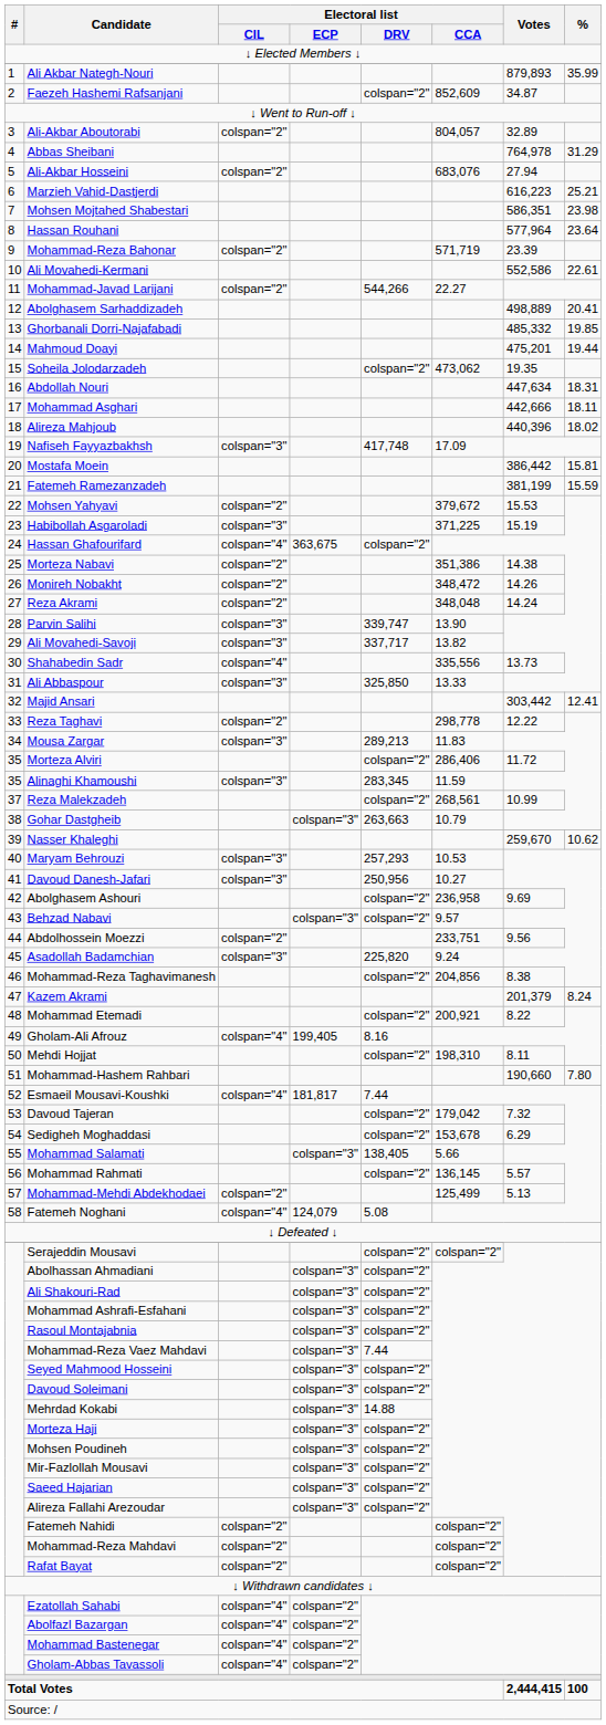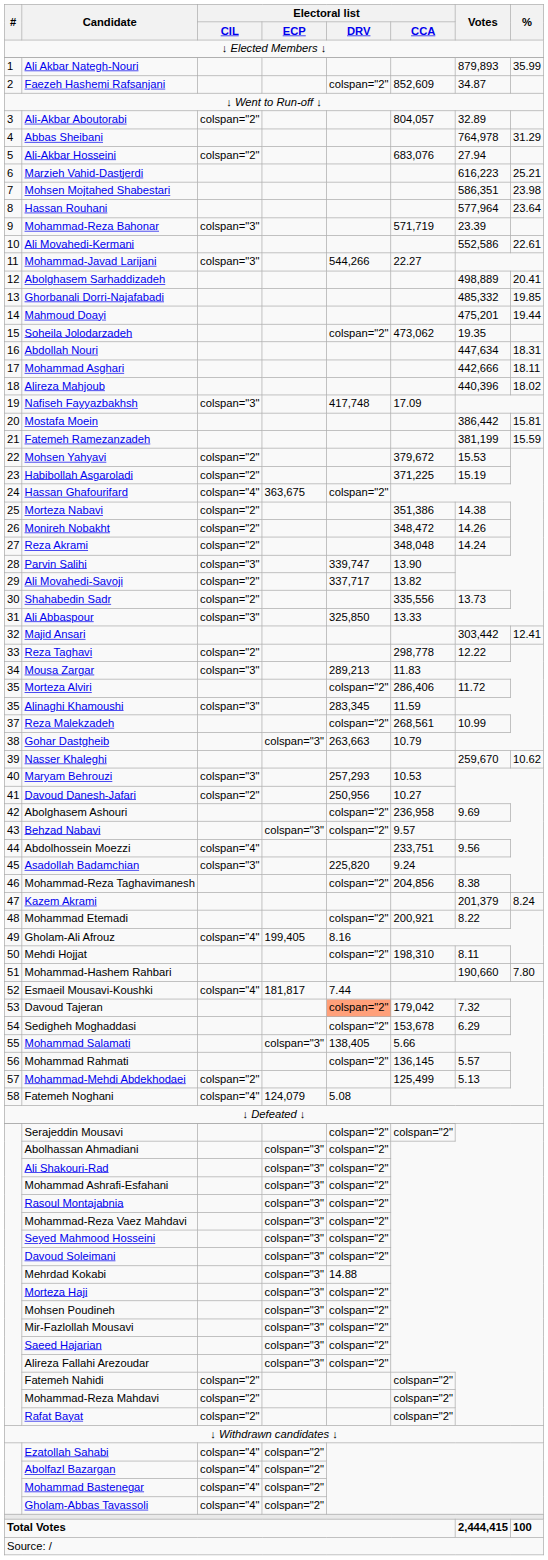 <table class=wikitable>
 <tr>
 <th rowspan="2">#</th>
 <th rowspan="2">Candidate</th>
 <th colspan="4">Electoral list</th>
 <th rowspan="2">Votes</th>
 <th rowspan="2">%</th>
 </tr>
 <tr>
 <th><a href='#'>CIL</a></th>
 <th><a href='#'>ECP</a></th>
 <th><a href='#'>DRV</a></th>
 <th><a href='#'>CCA</a></th>
 </tr>
 <tr>
 <td align=center colspan="16">↓ <em>Elected Members</em> ↓</td>
 </tr>
 <tr>
 </tr>
 <tr>
 <td>1</td>
 <td><a href='#'>Ali Akbar Nategh-Nouri</a></td>
 <td></td>
 <td style="text-align:center;"></td>
 <td style="text-align:center;"></td>
 <td style="text-align:center;"></td>
 <td>879,893</td>
 <td>35.99</td>
 </tr>
 <tr>
 <td>2</td>
 <td><a href='#'>Faezeh Hashemi Rafsanjani</a></td>
 <td></td>
 <td style="text-align:center;"></td>
 <td>colspan="2" </td>
 <td>852,609</td>
 <td>34.87</td>
 </tr>
 <tr>
 <td align=center colspan="16">↓ <em>Went to Run-off </em> ↓</td>
 </tr>
 <tr>
 <td>3</td>
 <td><a href='#'>Ali-Akbar Aboutorabi</a></td>
 <td>colspan="2" </td>
 <td style="text-align:center;"></td>
 <td style="text-align:center;"></td>
 <td>804,057</td>
 <td>32.89</td>
 </tr>
 <tr>
 <td>4</td>
 <td><a href='#'>Abbas Sheibani</a></td>
 <td></td>
 <td style="text-align:center;"></td>
 <td></td>
 <td style="text-align:center;"></td>
 <td>764,978</td>
 <td>31.29</td>
 </tr>
 <tr>
 <td>5</td>
 <td><a href='#'>Ali-Akbar Hosseini</a></td>
 <td>colspan="2" </td>
 <td style="text-align:center;"></td>
 <td style="text-align:center;"></td>
 <td>683,076</td>
 <td>27.94</td>
 </tr>
 <tr>
 <td>6</td>
 <td><a href='#'>Marzieh Vahid-Dastjerdi</a></td>
 <td></td>
 <td style="text-align:center;"></td>
 <td style="text-align:center;"></td>
 <td style="text-align:center;"></td>
 <td>616,223</td>
 <td>25.21</td>
 </tr>
 <tr>
 <td>7</td>
 <td><a href='#'>Mohsen Mojtahed Shabestari</a></td>
 <td></td>
 <td style="text-align:center;"></td>
 <td style="text-align:center;"></td>
 <td style="text-align:center;"></td>
 <td>586,351</td>
 <td>23.98</td>
 </tr>
 <tr>
 <td>8</td>
 <td><a href='#'>Hassan Rouhani</a></td>
 <td></td>
 <td style="text-align:center;"></td>
 <td style="text-align:center;"></td>
 <td style="text-align:center;"></td>
 <td>577,964</td>
 <td>23.64</td>
 </tr>
 <tr>
 <td>9</td>
 <td><a href='#'>Mohammad-Reza Bahonar</a></td>
-<td>colspan="2" </td>
+<td>colspan="3" </td>
 <td style="text-align:center;"></td>
 <td style="text-align:center;"></td>
 <td>571,719</td>
 <td>23.39</td>
 </tr>
 <tr>
 <td>10</td>
 <td><a href='#'>Ali Movahedi-Kermani</a></td>
 <td></td>
 <td style="text-align:center;"></td>
 <td style="text-align:center;"></td>
 <td style="text-align:center;"></td>
 <td>552,586</td>
 <td>22.61</td>
 </tr>
 <tr>
 <td>11</td>
 <td><a href='#'>Mohammad-Javad Larijani</a></td>
-<td>colspan="2" </td>
+<td>colspan="3" </td>
 <td style="text-align:center;"></td>
 <td>544,266</td>
 <td>22.27</td>
 </tr>
 <tr>
 <td>12</td>
 <td><a href='#'>Abolghasem Sarhaddizadeh</a></td>
 <td style="text-align:center;"></td>
 <td style="text-align:center;"></td>
 <td style="text-align:center;"></td>
 <td></td>
 <td>498,889</td>
 <td>20.41</td>
 </tr>
 <tr>
 <td>13</td>
 <td><a href='#'>Ghorbanali Dorri-Najafabadi</a></td>
 <td></td>
 <td style="text-align:center;"></td>
 <td style="text-align:center;"></td>
 <td style="text-align:center;"></td>
 <td>485,332</td>
 <td>19.85</td>
 </tr>
 <tr>
 <td>14</td>
 <td><a href='#'>Mahmoud Doayi</a></td>
 <td></td>
 <td style="text-align:center;"></td>
 <td></td>
 <td style="text-align:center;"></td>
 <td>475,201</td>
 <td>19.44</td>
 </tr>
 <tr>
 <td>15</td>
 <td><a href='#'>Soheila Jolodarzadeh</a></td>
 <td></td>
 <td style="text-align:center;"></td>
 <td>colspan="2" </td>
 <td>473,062</td>
 <td>19.35</td>
 </tr>
 <tr>
 <td>16</td>
 <td><a href='#'>Abdollah Nouri</a></td>
 <td style="text-align:center;"></td>
 <td style="text-align:center;"></td>
 <td style="text-align:center;"></td>
 <td></td>
 <td>447,634</td>
 <td>18.31</td>
 </tr>
 <tr>
 <td>17</td>
 <td><a href='#'>Mohammad Asghari</a></td>
 <td></td>
 <td style="text-align:center;"></td>
 <td></td>
 <td style="text-align:center;"></td>
 <td>442,666</td>
 <td>18.11</td>
 </tr>
 <tr>
 <td>18</td>
 <td><a href='#'>Alireza Mahjoub</a></td>
 <td></td>
 <td style="text-align:center;"></td>
 <td style="text-align:center;"></td>
 <td></td>
 <td>440,396</td>
 <td>18.02</td>
 </tr>
 <tr>
 <td>19</td>
 <td><a href='#'>Nafiseh Fayyazbakhsh</a></td>
 <td>colspan="3" </td>
 <td style="text-align:center;"></td>
 <td>417,748</td>
 <td>17.09</td>
 </tr>
 <tr>
 <td>20</td>
 <td><a href='#'>Mostafa Moein</a></td>
 <td style="text-align:center;"></td>
 <td style="text-align:center;"></td>
 <td style="text-align:center;"></td>
 <td></td>
 <td>386,442</td>
 <td>15.81</td>
 </tr>
 <tr>
 <td>21</td>
 <td><a href='#'>Fatemeh Ramezanzadeh</a></td>
 <td style="text-align:center;"></td>
 <td style="text-align:center;"></td>
 <td style="text-align:center;"></td>
 <td></td>
 <td>381,199</td>
 <td>15.59</td>
 </tr>
 <tr>
 <td>22</td>
 <td><a href='#'>Mohsen Yahyavi</a></td>
 <td>colspan="2" </td>
 <td style="text-align:center;"></td>
 <td style="text-align:center;"></td>
 <td>379,672</td>
 <td>15.53</td>
 </tr>
 <tr>
 <td>23</td>
 <td><a href='#'>Habibollah Asgaroladi</a></td>
-<td>colspan="3" </td>
+<td>colspan="2" </td>
 <td style="text-align:center;"></td>
 <td style="text-align:center;"></td>
 <td>371,225</td>
 <td>15.19</td>
 </tr>
 <tr>
 <td>24</td>
 <td><a href='#'>Hassan Ghafourifard</a></td>
 <td>colspan="4" </td>
 <td>363,675</td>
 <td>colspan="2" </td>
 </tr>
 <tr>
 <td>25</td>
 <td><a href='#'>Morteza Nabavi</a></td>
 <td>colspan="2" </td>
 <td style="text-align:center;"></td>
 <td style="text-align:center;"></td>
 <td>351,386</td>
 <td>14.38</td>
 </tr>
 <tr>
 <td>26</td>
 <td><a href='#'>Monireh Nobakht</a></td>
 <td>colspan="2" </td>
 <td style="text-align:center;"></td>
 <td style="text-align:center;"></td>
 <td>348,472</td>
 <td>14.26</td>
 </tr>
 <tr>
 <td>27</td>
 <td><a href='#'>Reza Akrami</a></td>
 <td>colspan="2" </td>
 <td style="text-align:center;"></td>
 <td style="text-align:center;"></td>
 <td>348,048</td>
 <td>14.24</td>
 </tr>
 <tr>
 <td>28</td>
 <td><a href='#'>Parvin Salihi</a></td>
 <td>colspan="3" </td>
 <td style="text-align:center;"></td>
 <td>339,747</td>
 <td>13.90</td>
 </tr>
 <tr>
 <td>29</td>
 <td><a href='#'>Ali Movahedi-Savoji</a></td>
-<td>colspan="3" </td>
+<td>colspan="2" </td>
 <td style="text-align:center;"></td>
 <td>337,717</td>
 <td>13.82</td>
 </tr>
 <tr>
 <td>30</td>
 <td><a href='#'>Shahabedin Sadr</a></td>
-<td>colspan="4" </td>
+<td>colspan="2" </td>
 <td style="text-align:center;"></td>
 <td style="text-align:center;"></td>
 <td>335,556</td>
 <td>13.73</td>
 </tr>
 <tr>
 <td>31</td>
 <td><a href='#'>Ali Abbaspour</a></td>
 <td>colspan="3" </td>
 <td style="text-align:center;"></td>
 <td>325,850</td>
 <td>13.33</td>
 </tr>
 <tr>
 <td>32</td>
 <td><a href='#'>Majid Ansari</a></td>
 <td style="text-align:center;"></td>
 <td style="text-align:center;"></td>
 <td style="text-align:center;"></td>
 <td></td>
 <td>303,442</td>
 <td>12.41</td>
 </tr>
 <tr>
 <td>33</td>
 <td><a href='#'>Reza Taghavi</a></td>
 <td>colspan="2" </td>
 <td style="text-align:center;"></td>
 <td style="text-align:center;"></td>
 <td>298,778</td>
 <td>12.22</td>
 </tr>
 <tr>
 <td>34</td>
 <td><a href='#'>Mousa Zargar</a></td>
 <td>colspan="3" </td>
 <td style="text-align:center;"></td>
 <td>289,213</td>
 <td>11.83</td>
 </tr>
 <tr>
 <td>35</td>
 <td><a href='#'>Morteza Alviri</a></td>
 <td></td>
 <td style="text-align:center;"></td>
 <td>colspan="2" </td>
 <td>286,406</td>
 <td>11.72</td>
 </tr>
 <tr>
 <td>35</td>
 <td><a href='#'>Alinaghi Khamoushi</a></td>
 <td>colspan="3" </td>
 <td style="text-align:center;"></td>
 <td>283,345</td>
 <td>11.59</td>
 </tr>
 <tr>
 <td>37</td>
 <td><a href='#'>Reza Malekzadeh</a></td>
 <td></td>
 <td style="text-align:center;"></td>
 <td>colspan="2" </td>
 <td>268,561</td>
 <td>10.99</td>
 </tr>
 <tr>
 <td>38</td>
 <td><a href='#'>Gohar Dastgheib</a></td>
 <td style="text-align:center;"></td>
 <td>colspan="3" </td>
 <td>263,663</td>
 <td>10.79</td>
 </tr>
 <tr>
 <td>39</td>
 <td><a href='#'>Nasser Khaleghi</a></td>
 <td style="text-align:center;"></td>
 <td style="text-align:center;"></td>
 <td style="text-align:center;"></td>
 <td></td>
 <td>259,670</td>
 <td>10.62</td>
 </tr>
 <tr>
 <td>40</td>
 <td><a href='#'>Maryam Behrouzi</a></td>
 <td>colspan="3" </td>
 <td style="text-align:center;"></td>
 <td>257,293</td>
 <td>10.53</td>
 </tr>
 <tr>
 <td>41</td>
 <td><a href='#'>Davoud Danesh-Jafari</a></td>
-<td>colspan="3" </td>
+<td>colspan="2" </td>
 <td style="text-align:center;"></td>
 <td>250,956</td>
 <td>10.27</td>
 </tr>
 <tr>
 <td>42</td>
 <td>Abolghasem Ashouri</td>
 <td></td>
 <td style="text-align:center;"></td>
 <td>colspan="2" </td>
 <td>236,958</td>
 <td>9.69</td>
 </tr>
 <tr>
 <td>43</td>
 <td><a href='#'>Behzad Nabavi</a></td>
 <td style="text-align:center;"></td>
 <td>colspan="3" </td>
 <td>colspan="2" </td>
 <td>9.57</td>
 </tr>
 <tr>
 <td>44</td>
 <td>Abdolhossein Moezzi</td>
-<td>colspan="2" </td>
+<td>colspan="4" </td>
 <td style="text-align:center;"></td>
 <td style="text-align:center;"></td>
 <td>233,751</td>
 <td>9.56</td>
 </tr>
 <tr>
 <td>45</td>
 <td><a href='#'>Asadollah Badamchian</a></td>
 <td>colspan="3" </td>
 <td style="text-align:center;"></td>
 <td>225,820</td>
 <td>9.24</td>
 </tr>
 <tr>
 <td>46</td>
 <td>Mohammad-Reza Taghavimanesh</td>
 <td></td>
 <td style="text-align:center;"></td>
 <td>colspan="2" </td>
 <td>204,856</td>
 <td>8.38</td>
 </tr>
 <tr>
 <td>47</td>
 <td><a href='#'>Kazem Akrami</a></td>
 <td style="text-align:center;"></td>
 <td></td>
 <td style="text-align:center;"></td>
 <td></td>
 <td>201,379</td>
 <td>8.24</td>
 </tr>
 <tr>
 <td>48</td>
 <td>Mohammad Etemadi</td>
 <td></td>
 <td style="text-align:center;"></td>
 <td>colspan="2" </td>
 <td>200,921</td>
 <td>8.22</td>
 </tr>
 <tr>
 <td>49</td>
 <td>Gholam-Ali Afrouz</td>
 <td>colspan="4" </td>
 <td>199,405</td>
 <td>8.16</td>
 </tr>
 <tr>
 <td>50</td>
 <td>Mehdi Hojjat</td>
 <td></td>
 <td style="text-align:center;"></td>
 <td>colspan="2" </td>
 <td>198,310</td>
 <td>8.11</td>
 </tr>
 <tr>
 <td>51</td>
 <td>Mohammad-Hashem Rahbari</td>
 <td></td>
 <td style="text-align:center;"></td>
 <td style="text-align:center;"></td>
 <td></td>
 <td>190,660</td>
 <td>7.80</td>
 </tr>
 <tr>
 <td>52</td>
 <td>Esmaeil Mousavi-Koushki</td>
 <td>colspan="4" </td>
 <td>181,817</td>
 <td>7.44</td>
 </tr>
 <tr>
 <td>53</td>
 <td>Davoud Tajeran</td>
 <td></td>
 <td style="text-align:center;"></td>
-<td>colspan="2" </td>
+<td style="background: lightsalmon;">colspan="2" </td>
 <td>179,042</td>
 <td>7.32</td>
 </tr>
 <tr>
 <td>54</td>
 <td>Sedigheh Moghaddasi</td>
 <td></td>
 <td style="text-align:center;"></td>
 <td>colspan="2" </td>
 <td>153,678</td>
 <td>6.29</td>
 </tr>
 <tr>
 <td>55</td>
 <td><a href='#'>Mohammad Salamati</a></td>
 <td style="text-align:center;"></td>
 <td>colspan="3" </td>
 <td>138,405</td>
 <td>5.66</td>
 </tr>
 <tr>
 <td>56</td>
 <td>Mohammad Rahmati</td>
 <td></td>
 <td style="text-align:center;"></td>
 <td>colspan="2" </td>
 <td>136,145</td>
 <td>5.57</td>
 </tr>
 <tr>
 <td>57</td>
 <td><a href='#'>Mohammad-Mehdi Abdekhodaei</a></td>
 <td>colspan="2" </td>
 <td style="text-align:center;"></td>
 <td></td>
 <td>125,499</td>
 <td>5.13</td>
 </tr>
 <tr>
 <td>58</td>
 <td>Fatemeh Noghani</td>
 <td>colspan="4" </td>
 <td>124,079</td>
 <td>5.08</td>
 </tr>
 <tr>
 <td align=center colspan="16">↓ <em>Defeated</em> ↓</td>
 </tr>
 <tr>
 </tr>
 <tr>
 <td rowspan="17"></td>
 <td>Serajeddin Mousavi</td>
 <td style="text-align:center;"></td>
 <td style="text-align:center;"></td>
 <td>colspan="2" </td>
 <td>colspan="2" </td>
 </tr>
 <tr>
 <td>Abolhassan Ahmadiani</td>
 <td style="text-align:center;"></td>
 <td>colspan="3" </td>
 <td>colspan="2" </td>
 </tr>
 <tr>
 <td><a href='#'>Ali Shakouri-Rad</a></td>
 <td style="text-align:center;"></td>
 <td>colspan="3" </td>
 <td>colspan="2" </td>
 </tr>
 <tr>
 <td>Mohammad Ashrafi-Esfahani</td>
 <td style="text-align:center;"></td>
 <td>colspan="3" </td>
 <td>colspan="2" </td>
 </tr>
 <tr>
 <td><a href='#'>Rasoul Montajabnia</a></td>
 <td style="text-align:center;"></td>
 <td>colspan="3" </td>
 <td>colspan="2" </td>
 </tr>
 <tr>
 <td>Mohammad-Reza Vaez Mahdavi</td>
 <td style="text-align:center;"></td>
 <td>colspan="3" </td>
-<td>7.44</td>
+<td>colspan="2" </td>
 </tr>
 <tr>
 <td><a href='#'>Seyed Mahmood Hosseini</a></td>
 <td style="text-align:center;"></td>
 <td>colspan="3" </td>
 <td>colspan="2" </td>
 </tr>
 <tr>
 <td><a href='#'>Davoud Soleimani</a></td>
 <td style="text-align:center;"></td>
 <td>colspan="3" </td>
 <td>colspan="2" </td>
 </tr>
 <tr>
 <td>Mehrdad Kokabi</td>
 <td style="text-align:center;"></td>
 <td>colspan="3" </td>
 <td>14.88</td>
 </tr>
 <tr>
 <td><a href='#'>Morteza Haji</a></td>
 <td style="text-align:center;"></td>
 <td>colspan="3" </td>
 <td>colspan="2" </td>
 </tr>
 <tr>
 <td>Mohsen Poudineh</td>
 <td style="text-align:center;"></td>
 <td>colspan="3" </td>
 <td>colspan="2" </td>
 </tr>
 <tr>
 <td>Mir-Fazlollah Mousavi</td>
 <td style="text-align:center;"></td>
 <td>colspan="3" </td>
 <td>colspan="2" </td>
 </tr>
 <tr>
 <td><a href='#'>Saeed Hajarian</a></td>
 <td style="text-align:center;"></td>
 <td>colspan="3" </td>
 <td>colspan="2" </td>
 </tr>
 <tr>
 <td>Alireza Fallahi Arezoudar</td>
 <td style="text-align:center;"></td>
 <td>colspan="3" </td>
 <td>colspan="2" </td>
 </tr>
 <tr>
 <td>Fatemeh Nahidi</td>
 <td>colspan="2" </td>
 <td style="text-align:center;"></td>
 <td></td>
 <td>colspan="2" </td>
 </tr>
 <tr>
 <td>Mohammad-Reza Mahdavi</td>
 <td>colspan="2" </td>
 <td style="text-align:center;"></td>
 <td></td>
 <td>colspan="2" </td>
 </tr>
 <tr>
 <td><a href='#'>Rafat Bayat</a></td>
 <td>colspan="2" </td>
 <td style="text-align:center;"></td>
 <td></td>
 <td>colspan="2" </td>
 </tr>
 <tr>
 <td align=center colspan="16">↓ <em>Withdrawn candidates</em> ↓</td>
 </tr>
 <tr>
 <td rowspan="4"></td>
 <td><a href='#'>Ezatollah Sahabi</a></td>
 <td>colspan="4" </td>
 <td>colspan="2" </td>
 </tr>
 <tr>
 <td><a href='#'>Abolfazl Bazargan</a></td>
 <td>colspan="4" </td>
 <td>colspan="2" </td>
 </tr>
 <tr>
 <td><a href='#'>Mohammad Bastenegar</a></td>
 <td>colspan="4" </td>
 <td>colspan="2" </td>
 </tr>
 <tr>
 <td><a href='#'>Gholam-Abbas Tavassoli</a></td>
 <td>colspan="4" </td>
 <td>colspan="2" </td>
 </tr>
 <tr>
 <td colspan="8" style="background:#E9E9E9;"></td>
 </tr>
 <tr>
 <td colspan="6"><strong>Total Votes</strong></td>
 <td><strong>2,444,415</strong></td>
 <td><strong>100</strong></td>
 </tr>
 <tr>
 <td colspan="8">Source:  / </td>
 </tr>
 </table>
